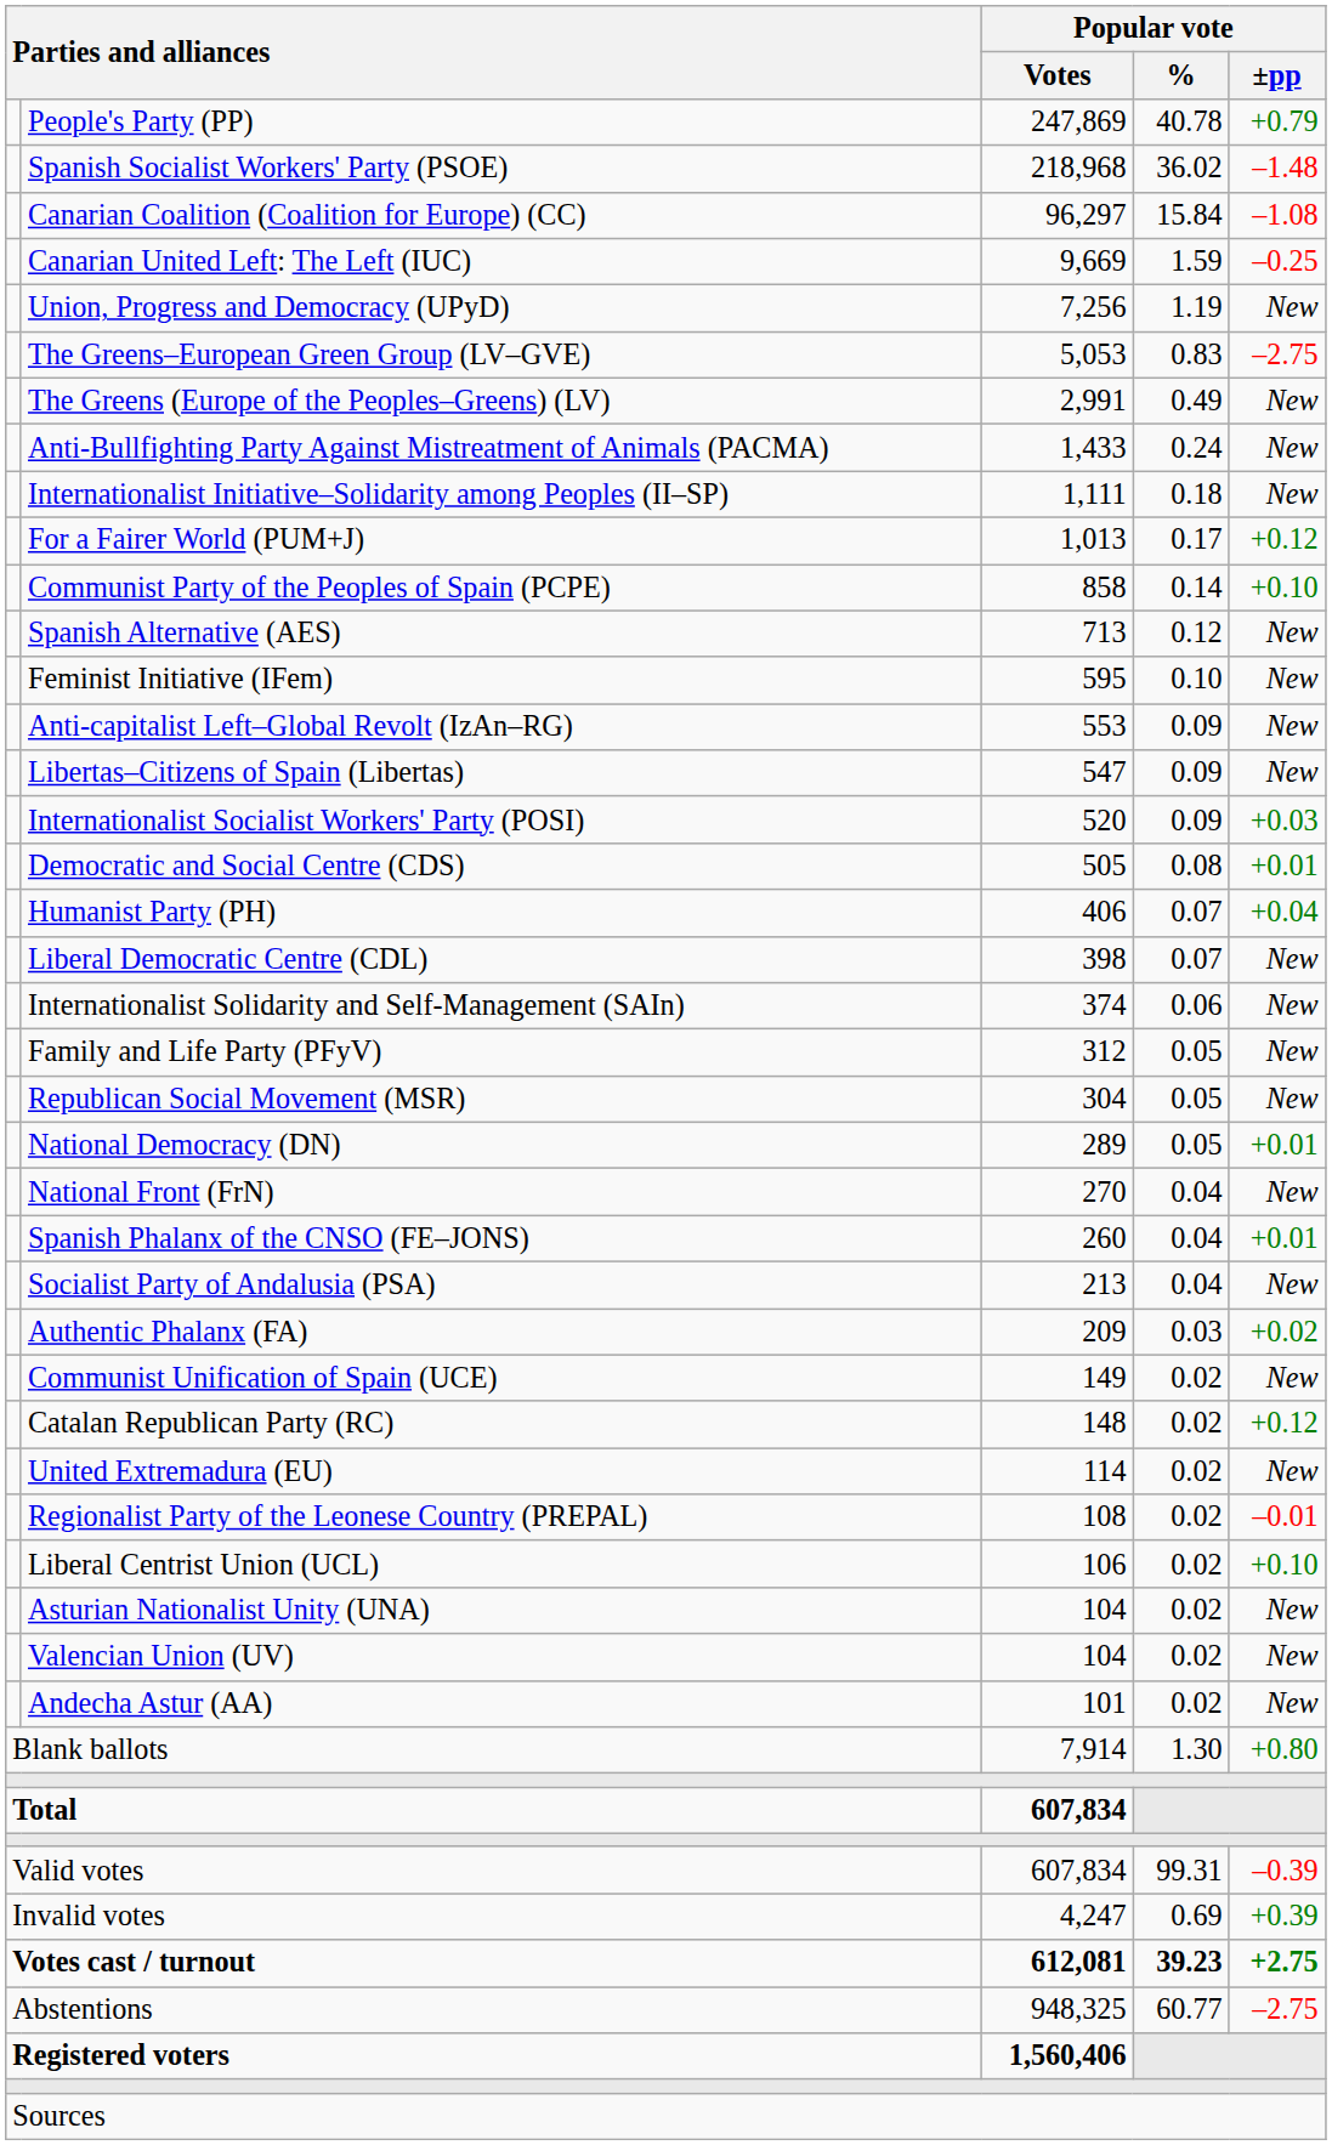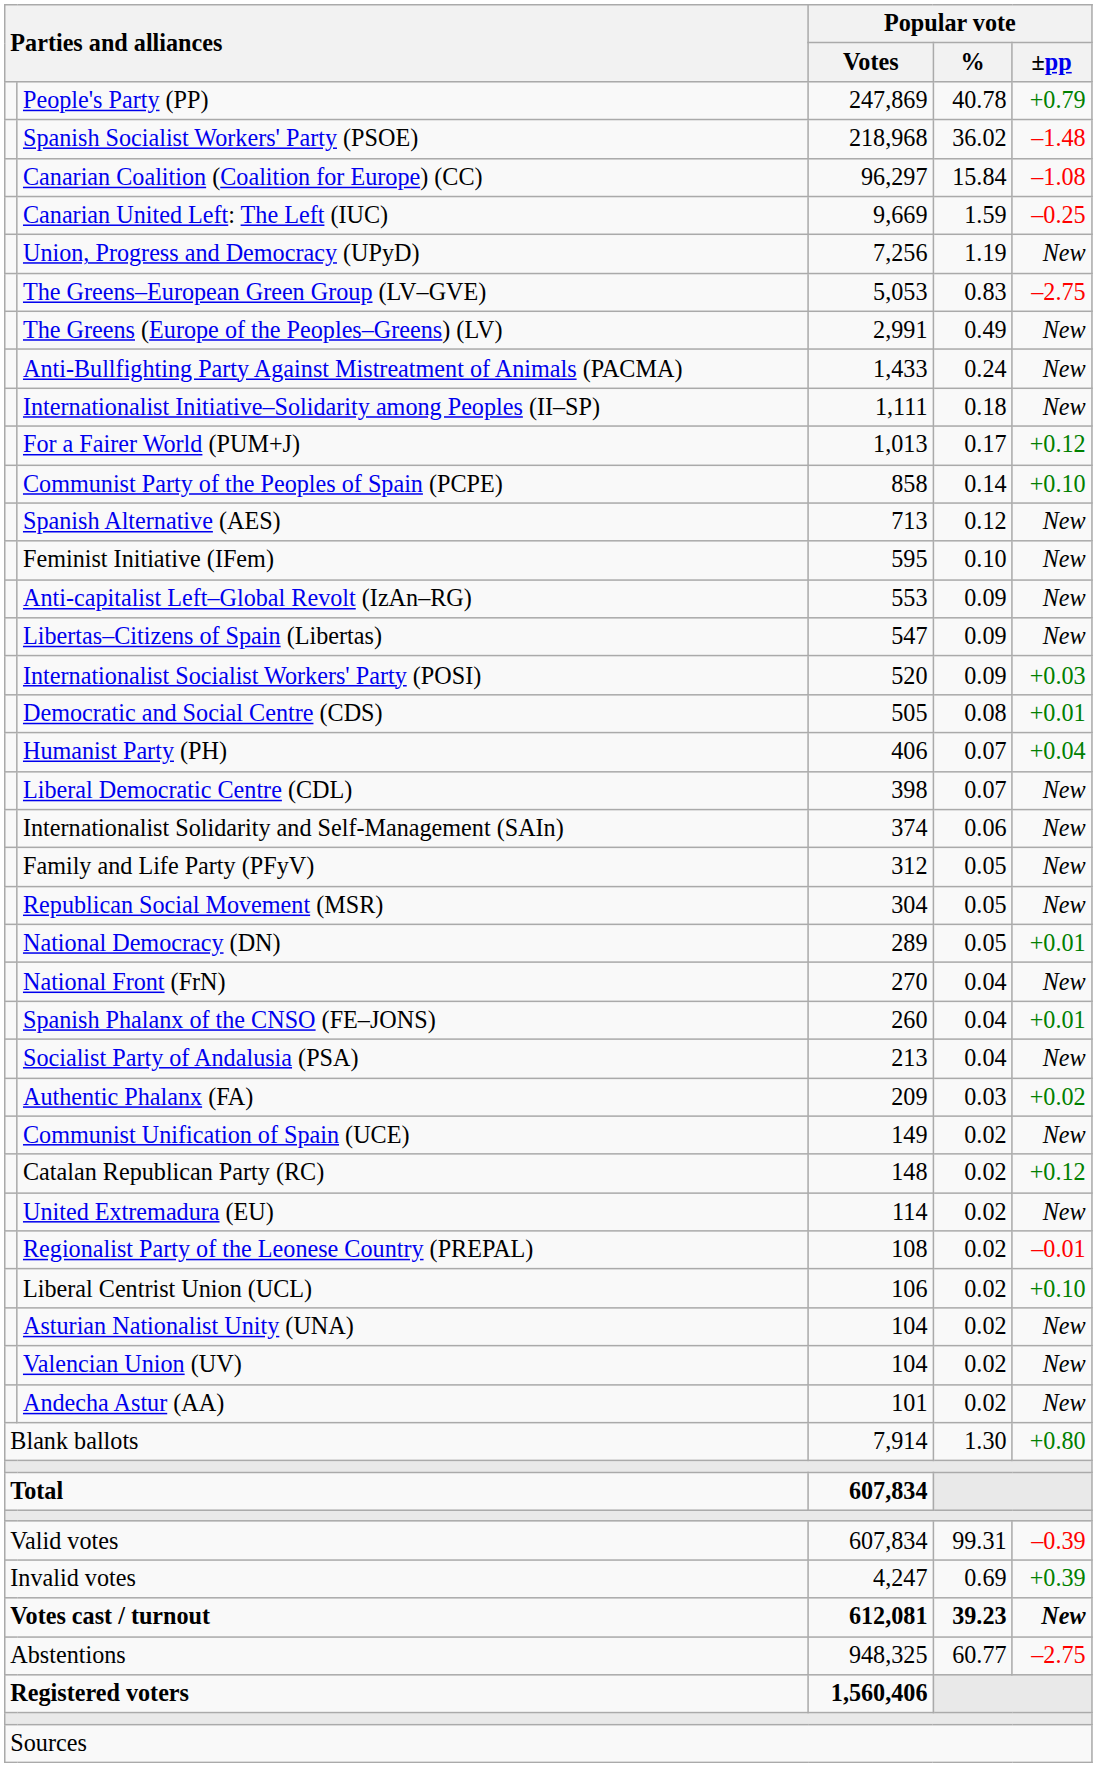 <table class="wikitable" style="text-align:right">
 <tr>
 <th style="text-align:left;" rowspan="2" colspan="2" width="525">Parties and alliances</th>
 <th colspan="3">Popular vote</th>
 </tr>
 <tr>
 <th width="75">Votes</th>
 <th width="45">%</th>
 <th width="45">±<a href='#'>pp</a></th>
 </tr>
 <tr>
 <td width="1" style="color:inherit;background:"></td>
 <td align="left"><a href='#'>People's Party</a> (PP)</td>
 <td>247,869</td>
 <td>40.78</td>
 <td style="color:green;">+0.79</td>
 </tr>
 <tr>
 <td style="color:inherit;background:"></td>
 <td align="left"><a href='#'>Spanish Socialist Workers' Party</a> (PSOE)</td>
 <td>218,968</td>
 <td>36.02</td>
 <td style="color:red;">–1.48</td>
 </tr>
 <tr>
 <td style="color:inherit;background:"></td>
 <td align="left"><a href='#'>Canarian Coalition</a> (<a href='#'>Coalition for Europe</a>) (CC)</td>
 <td>96,297</td>
 <td>15.84</td>
 <td style="color:red;">–1.08</td>
 </tr>
 <tr>
 <td style="color:inherit;background:"></td>
 <td align="left"><a href='#'>Canarian United Left</a>: <a href='#'>The Left</a> (IUC)</td>
 <td>9,669</td>
 <td>1.59</td>
 <td style="color:red;">–0.25</td>
 </tr>
 <tr>
 <td style="color:inherit;background:"></td>
 <td align="left"><a href='#'>Union, Progress and Democracy</a> (UPyD)</td>
 <td>7,256</td>
 <td>1.19</td>
 <td><em>New</em></td>
 </tr>
 <tr>
 <td style="color:inherit;background:"></td>
 <td align="left"><a href='#'>The Greens–European Green Group</a> (LV–GVE)</td>
 <td>5,053</td>
 <td>0.83</td>
 <td style="color:red;">–2.75</td>
 </tr>
 <tr>
 <td style="color:inherit;background:"></td>
 <td align="left"><a href='#'>The Greens</a> (<a href='#'>Europe of the Peoples–Greens</a>) (LV)</td>
 <td>2,991</td>
 <td>0.49</td>
 <td><em>New</em></td>
 </tr>
 <tr>
 <td style="color:inherit;background:"></td>
 <td align="left"><a href='#'>Anti-Bullfighting Party Against Mistreatment of Animals</a> (PACMA)</td>
 <td>1,433</td>
 <td>0.24</td>
 <td><em>New</em></td>
 </tr>
 <tr>
 <td style="color:inherit;background:"></td>
 <td align="left"><a href='#'>Internationalist Initiative–Solidarity among Peoples</a> (II–SP)</td>
 <td>1,111</td>
 <td>0.18</td>
 <td><em>New</em></td>
 </tr>
 <tr>
 <td style="color:inherit;background:"></td>
 <td align="left"><a href='#'>For a Fairer World</a> (PUM+J)</td>
 <td>1,013</td>
 <td>0.17</td>
 <td style="color:green;">+0.12</td>
 </tr>
 <tr>
 <td style="color:inherit;background:"></td>
 <td align="left"><a href='#'>Communist Party of the Peoples of Spain</a> (PCPE)</td>
 <td>858</td>
 <td>0.14</td>
 <td style="color:green;">+0.10</td>
 </tr>
 <tr>
 <td style="color:inherit;background:"></td>
 <td align="left"><a href='#'>Spanish Alternative</a> (AES)</td>
 <td>713</td>
 <td>0.12</td>
 <td><em>New</em></td>
 </tr>
 <tr>
 <td style="color:inherit;background:"></td>
 <td align="left">Feminist Initiative (IFem)</td>
 <td>595</td>
 <td>0.10</td>
 <td><em>New</em></td>
 </tr>
 <tr>
 <td style="color:inherit;background:"></td>
 <td align="left"><a href='#'>Anti-capitalist Left–Global Revolt</a> (IzAn–RG)</td>
 <td>553</td>
 <td>0.09</td>
 <td><em>New</em></td>
 </tr>
 <tr>
 <td style="color:inherit;background:"></td>
 <td align="left"><a href='#'>Libertas–Citizens of Spain</a> (Libertas)</td>
 <td>547</td>
 <td>0.09</td>
 <td><em>New</em></td>
 </tr>
 <tr>
 <td style="color:inherit;background:"></td>
 <td align="left"><a href='#'>Internationalist Socialist Workers' Party</a> (POSI)</td>
 <td>520</td>
 <td>0.09</td>
 <td style="color:green;">+0.03</td>
 </tr>
 <tr>
 <td style="color:inherit;background:"></td>
 <td align="left"><a href='#'>Democratic and Social Centre</a> (CDS)</td>
 <td>505</td>
 <td>0.08</td>
 <td style="color:green;">+0.01</td>
 </tr>
 <tr>
 <td style="color:inherit;background:"></td>
 <td align="left"><a href='#'>Humanist Party</a> (PH)</td>
 <td>406</td>
 <td>0.07</td>
 <td style="color:green;">+0.04</td>
 </tr>
 <tr>
 <td style="color:inherit;background:"></td>
 <td align="left"><a href='#'>Liberal Democratic Centre</a> (CDL)</td>
 <td>398</td>
 <td>0.07</td>
 <td><em>New</em></td>
 </tr>
 <tr>
 <td style="color:inherit;background:"></td>
 <td align="left">Internationalist Solidarity and Self-Management (SAIn)</td>
 <td>374</td>
 <td>0.06</td>
 <td><em>New</em></td>
 </tr>
 <tr>
 <td style="color:inherit;background:"></td>
 <td align="left">Family and Life Party (PFyV)</td>
 <td>312</td>
 <td>0.05</td>
 <td><em>New</em></td>
 </tr>
 <tr>
 <td style="color:inherit;background:"></td>
 <td align="left"><a href='#'>Republican Social Movement</a> (MSR)</td>
 <td>304</td>
 <td>0.05</td>
 <td><em>New</em></td>
 </tr>
 <tr>
 <td style="color:inherit;background:"></td>
 <td align="left"><a href='#'>National Democracy</a> (DN)</td>
 <td>289</td>
 <td>0.05</td>
 <td style="color:green;">+0.01</td>
 </tr>
 <tr>
 <td style="color:inherit;background:"></td>
 <td align="left"><a href='#'>National Front</a> (FrN)</td>
 <td>270</td>
 <td>0.04</td>
 <td><em>New</em></td>
 </tr>
 <tr>
 <td style="color:inherit;background:"></td>
 <td align="left"><a href='#'>Spanish Phalanx of the CNSO</a> (FE–JONS)</td>
 <td>260</td>
 <td>0.04</td>
 <td style="color:green;">+0.01</td>
 </tr>
 <tr>
 <td style="color:inherit;background:"></td>
 <td align="left"><a href='#'>Socialist Party of Andalusia</a> (PSA)</td>
 <td>213</td>
 <td>0.04</td>
 <td><em>New</em></td>
 </tr>
 <tr>
 <td style="color:inherit;background:"></td>
 <td align="left"><a href='#'>Authentic Phalanx</a> (FA)</td>
 <td>209</td>
 <td>0.03</td>
 <td style="color:green;">+0.02</td>
 </tr>
 <tr>
 <td style="color:inherit;background:"></td>
 <td align="left"><a href='#'>Communist Unification of Spain</a> (UCE)</td>
 <td>149</td>
 <td>0.02</td>
 <td><em>New</em></td>
 </tr>
 <tr>
 <td style="color:inherit;background:"></td>
 <td align="left">Catalan Republican Party (RC)</td>
 <td>148</td>
 <td>0.02</td>
 <td style="color:green;">+0.12</td>
 </tr>
 <tr>
 <td style="color:inherit;background:"></td>
 <td align="left"><a href='#'>United Extremadura</a> (EU)</td>
 <td>114</td>
 <td>0.02</td>
 <td><em>New</em></td>
 </tr>
 <tr>
 <td style="color:inherit;background:"></td>
 <td align="left"><a href='#'>Regionalist Party of the Leonese Country</a> (PREPAL)</td>
 <td>108</td>
 <td>0.02</td>
 <td style="color:red;">–0.01</td>
 </tr>
 <tr>
 <td style="color:inherit;background:"></td>
 <td align="left">Liberal Centrist Union (UCL)</td>
 <td>106</td>
 <td>0.02</td>
 <td style="color:green;">+0.10</td>
 </tr>
 <tr>
 <td style="color:inherit;background:"></td>
 <td align="left"><a href='#'>Asturian Nationalist Unity</a> (UNA)</td>
 <td>104</td>
 <td>0.02</td>
 <td><em>New</em></td>
 </tr>
 <tr>
 <td style="color:inherit;background:"></td>
 <td align="left"><a href='#'>Valencian Union</a> (UV)</td>
 <td>104</td>
 <td>0.02</td>
 <td><em>New</em></td>
 </tr>
 <tr>
 <td style="color:inherit;background:"></td>
 <td align="left"><a href='#'>Andecha Astur</a> (AA)</td>
 <td>101</td>
 <td>0.02</td>
 <td><em>New</em></td>
 </tr>
 <tr>
 <td align="left" colspan="2">Blank ballots</td>
 <td>7,914</td>
 <td>1.30</td>
 <td style="color:green;">+0.80</td>
 </tr>
 <tr>
 <td colspan="5" bgcolor="#E9E9E9"></td>
 </tr>
 <tr style="font-weight:bold;">
 <td align="left" colspan="2">Total</td>
 <td>607,834</td>
 <td bgcolor="#E9E9E9" colspan="2"></td>
 </tr>
 <tr>
 <td colspan="5" bgcolor="#E9E9E9"></td>
 </tr>
 <tr>
 <td align="left" colspan="2">Valid votes</td>
 <td>607,834</td>
 <td>99.31</td>
 <td style="color:red;">–0.39</td>
 </tr>
 <tr>
 <td align="left" colspan="2">Invalid votes</td>
 <td>4,247</td>
 <td>0.69</td>
 <td style="color:green;">+0.39</td>
 </tr>
 <tr style="font-weight:bold;">
 <td align="left" colspan="2">Votes cast / turnout</td>
 <td>612,081</td>
 <td>39.23</td>
-<td style="color:green;">+2.75</td>
+<td><em>New</em></td>
 </tr>
 <tr>
 <td align="left" colspan="2">Abstentions</td>
 <td>948,325</td>
 <td>60.77</td>
 <td style="color:red;">–2.75</td>
 </tr>
 <tr style="font-weight:bold;">
 <td align="left" colspan="2">Registered voters</td>
 <td>1,560,406</td>
 <td bgcolor="#E9E9E9" colspan="2"></td>
 </tr>
 <tr>
 <td colspan="5" bgcolor="#E9E9E9"></td>
 </tr>
 <tr>
 <td align="left" colspan="5">Sources</td>
 </tr>
 </table>
